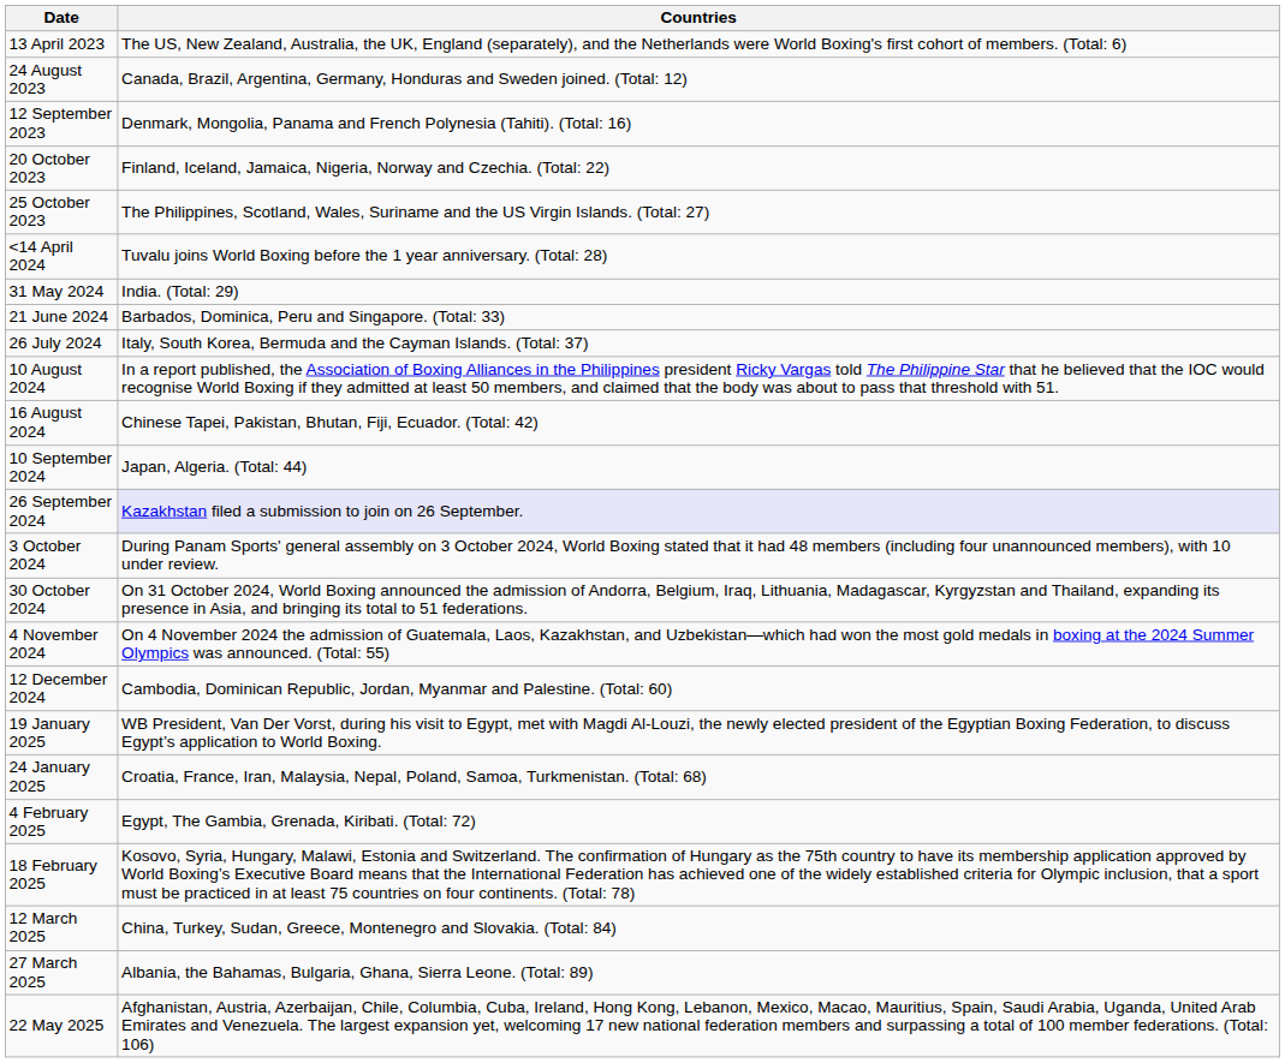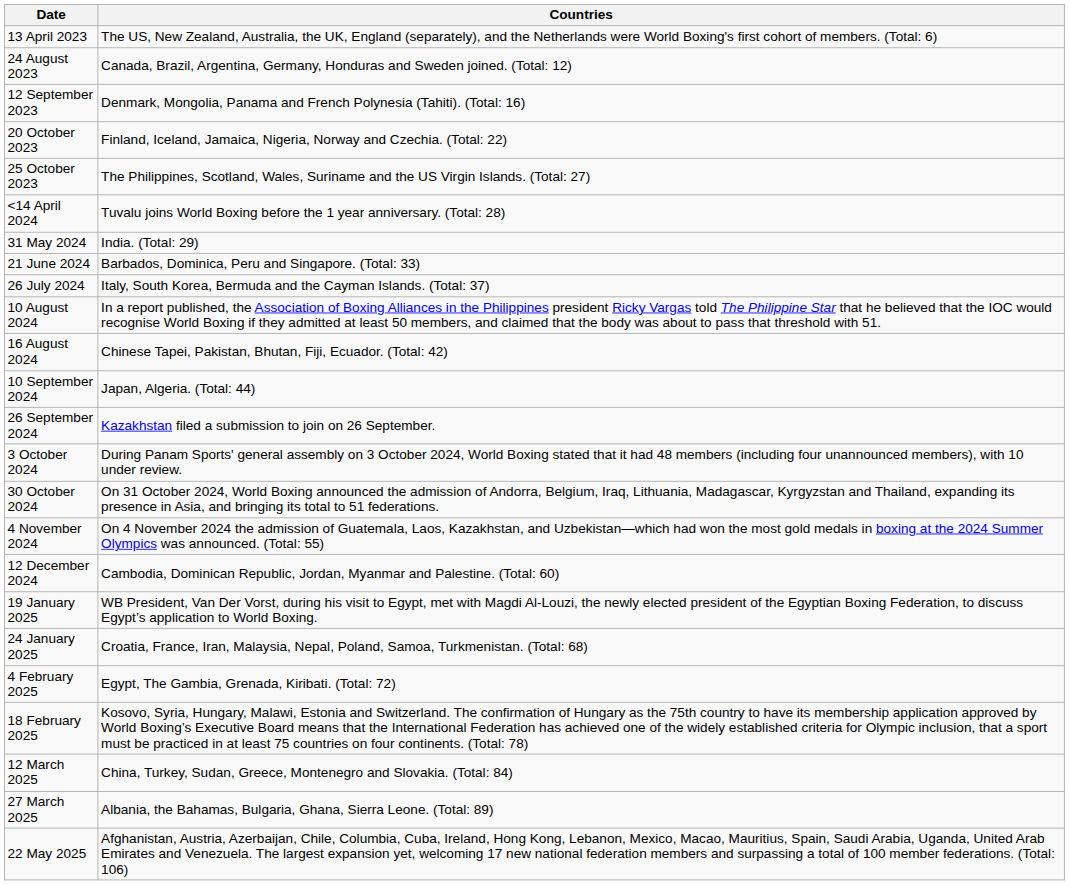 <table class="wikitable mw-collapsible mw-collapsed">
 <tr>
 <th>Date</th>
 <th>Countries</th>
 </tr>
 <tr>
 <td>13 April 2023</td>
 <td>The US, New Zealand, Australia, the UK, England (separately), and the Netherlands were World Boxing's first cohort of members. (Total: 6)</td>
 </tr>
 <tr>
 <td>24 August 2023</td>
 <td>Canada, Brazil, Argentina, Germany, Honduras and Sweden joined. (Total: 12)</td>
 </tr>
 <tr>
 <td>12 September 2023</td>
 <td>Denmark, Mongolia, Panama and French Polynesia (Tahiti). (Total: 16)</td>
 </tr>
 <tr>
 <td>20 October 2023</td>
 <td>Finland, Iceland, Jamaica, Nigeria, Norway and Czechia. (Total: 22)</td>
 </tr>
 <tr>
 <td>25 October 2023</td>
 <td>The Philippines, Scotland, Wales, Suriname and the US Virgin Islands. (Total: 27)</td>
 </tr>
 <tr>
 <td><14 April 2024</td>
 <td>Tuvalu joins World Boxing before the 1 year anniversary. (Total: 28)</td>
 </tr>
 <tr>
 <td>31 May 2024</td>
 <td>India. (Total: 29)</td>
 </tr>
 <tr>
 <td>21 June 2024</td>
 <td>Barbados, Dominica, Peru and Singapore. (Total: 33)</td>
 </tr>
 <tr>
 <td>26 July 2024</td>
 <td>Italy, South Korea, Bermuda and the Cayman Islands. (Total: 37)</td>
 </tr>
 <tr>
 <td>10 August 2024</td>
 <td>In a report published, the <a href='#'>Association of Boxing Alliances in the Philippines</a> president <a href='#'>Ricky Vargas</a> told <em><a href='#'>The Philippine Star</a></em> that he believed that the IOC would recognise World Boxing if they admitted at least 50 members, and claimed that the body was about to pass that threshold with 51.</td>
 </tr>
 <tr>
 <td>16 August 2024</td>
 <td>Chinese Tapei, Pakistan, Bhutan, Fiji, Ecuador. (Total: 42)</td>
 </tr>
 <tr>
 <td>10 September 2024</td>
 <td>Japan, Algeria. (Total: 44)</td>
 </tr>
 <tr>
 <td>26 September 2024</td>
-<td style="background: lavender;"><a href='#'>Kazakhstan</a> filed a submission to join on 26 September.</td>
+<td><a href='#'>Kazakhstan</a> filed a submission to join on 26 September.</td>
 </tr>
 <tr>
 <td>3 October 2024</td>
 <td>During Panam Sports' general assembly on 3 October 2024, World Boxing stated that it had 48 members (including four unannounced members), with 10 under review.</td>
 </tr>
 <tr>
 <td>30 October 2024</td>
 <td>On 31 October 2024, World Boxing announced the admission of Andorra, Belgium, Iraq, Lithuania, Madagascar, Kyrgyzstan and Thailand, expanding its presence in Asia, and bringing its total to 51 federations.</td>
 </tr>
 <tr>
 <td>4 November 2024</td>
 <td>On 4 November 2024 the admission of Guatemala, Laos, Kazakhstan, and Uzbekistan—which had won the most gold medals in <a href='#'>boxing at the 2024 Summer Olympics</a> was announced. (Total: 55)</td>
 </tr>
 <tr>
 <td>12 December 2024</td>
 <td>Cambodia, Dominican Republic, Jordan, Myanmar and Palestine. (Total: 60)</td>
 </tr>
 <tr>
 <td>19 January 2025</td>
 <td>WB President, Van Der Vorst, during his visit to Egypt, met with Magdi Al-Louzi, the newly elected president of the Egyptian Boxing Federation, to discuss Egypt’s application to World Boxing.</td>
 </tr>
 <tr>
 <td>24 January 2025</td>
 <td>Croatia, France, Iran, Malaysia, Nepal, Poland, Samoa, Turkmenistan. (Total: 68)</td>
 </tr>
 <tr>
 <td>4 February 2025</td>
 <td>Egypt, The Gambia, Grenada, Kiribati.  (Total: 72)</td>
 </tr>
 <tr>
 <td>18 February 2025</td>
 <td>Kosovo, Syria, Hungary, Malawi, Estonia and Switzerland. The confirmation of Hungary as the 75th country to have its membership application approved by World Boxing’s Executive Board means that the International Federation has achieved one of the widely established criteria for Olympic inclusion, that a sport must be practiced in at least 75 countries on four continents. (Total: 78)</td>
 </tr>
 <tr>
 <td>12 March 2025</td>
 <td>China, Turkey, Sudan, Greece, Montenegro and Slovakia. (Total: 84)</td>
 </tr>
 <tr>
 <td>27 March 2025</td>
 <td>Albania, the Bahamas, Bulgaria, Ghana, Sierra Leone. (Total: 89)</td>
 </tr>
 <tr>
 <td>22 May 2025</td>
 <td>Afghanistan, Austria, Azerbaijan, Chile, Columbia, Cuba, Ireland, Hong Kong, Lebanon, Mexico, Macao, Mauritius, Spain, Saudi Arabia, Uganda, United Arab Emirates and Venezuela. The largest expansion yet, welcoming 17 new national federation members and surpassing a total of 100 member federations. (Total: 106)</td>
 </tr>
 </table>
